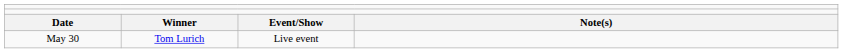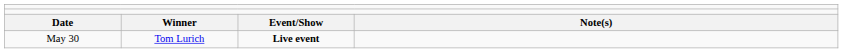 <table class="wikitable" style="text-align:center; width:100%;">
 <tr>
 <td colspan=5></td>
 </tr>
 <tr>
 <td colspan=5><strong></strong></td>
 </tr>
 <tr>
 <th width=14%>Date</th>
 <th width=14%>Winner</th>
 <th width=14%>Event/Show</th>
 <th width=58%>Note(s)</th>
 </tr>
 <tr>
 <td>May 30</td>
 <td><a href='#'>Tom Lurich</a></td>
-<td>Live event</td>
+<td><strong>Live event</strong></td>
 <td align=left></td>
 </tr>
 </table>
